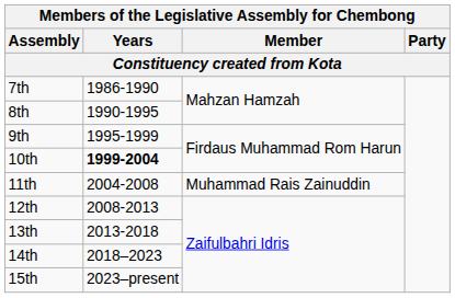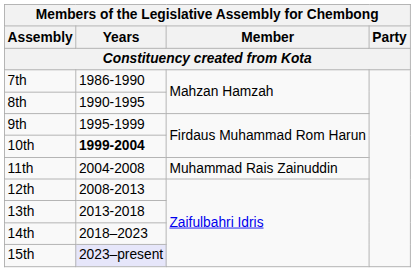 <table class=wikitable>
 <tr>
 <th colspan=4>Members of the Legislative Assembly for Chembong</th>
 </tr>
 <tr>
 <th>Assembly</th>
 <th>Years</th>
 <th>Member</th>
 <th>Party</th>
 </tr>
 <tr>
 <th colspan=4 align=center><em>Constituency created from Kota</em></th>
 </tr>
 <tr>
 <td>7th</td>
 <td>1986-1990</td>
 <td rowspan="2">Mahzan Hamzah</td>
 <td rowspan="9"></td>
 </tr>
 <tr>
 <td>8th</td>
 <td>1990-1995</td>
 </tr>
 <tr>
 <td>9th</td>
 <td>1995-1999</td>
 <td rowspan="2">Firdaus Muhammad Rom Harun</td>
 </tr>
 <tr>
 <td>10th</td>
 <td><strong>1999-2004</strong></td>
 </tr>
 <tr>
 <td>11th</td>
 <td>2004-2008</td>
 <td>Muhammad Rais Zainuddin</td>
 </tr>
 <tr>
 <td>12th</td>
 <td>2008-2013</td>
 <td rowspan="4"><a href='#'>Zaifulbahri Idris</a></td>
 </tr>
 <tr>
 <td>13th</td>
 <td>2013-2018</td>
 </tr>
 <tr>
 <td>14th</td>
 <td>2018–2023</td>
 </tr>
 <tr>
 <td>15th</td>
-<td>2023–present</td>
+<td style="background: lavender;">2023–present</td>
 </tr>
 </table>
